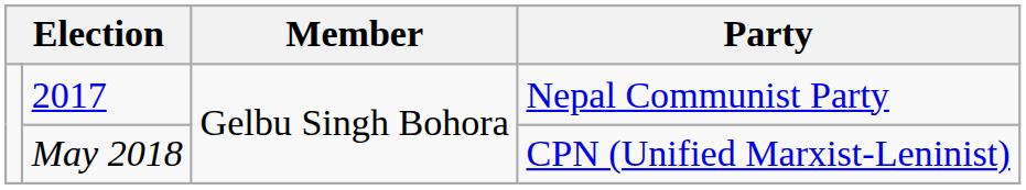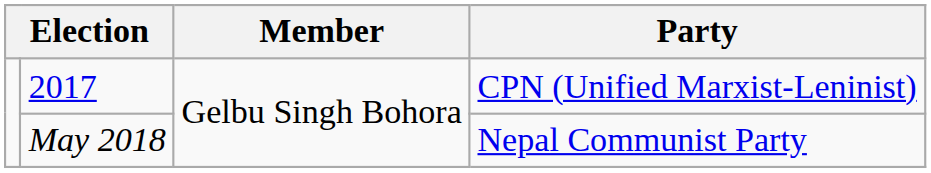 <table class="wikitable">
 <tr>
 <th colspan="2">Election</th>
 <th>Member</th>
 <th>Party</th>
 </tr>
 <tr>
 <td rowspan="2" style="background-color:"></td>
 <td><a href='#'>2017</a></td>
 <td rowspan="2">Gelbu Singh Bohora</td>
-<td><a href='#'>Nepal Communist Party</a></td>
+<td><a href='#'>CPN (Unified Marxist-Leninist)</a></td>
 </tr>
 <tr>
 <td><em>May 2018</em></td>
-<td><a href='#'>CPN (Unified Marxist-Leninist)</a></td>
+<td><a href='#'>Nepal Communist Party</a></td>
 </tr>
 </table>
